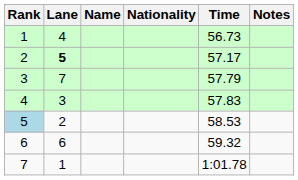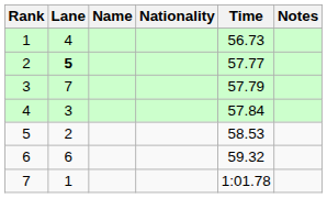 <table class="wikitable sortable" style="text-align:center">
 <tr>
 <th>Rank</th>
 <th>Lane</th>
 <th>Name</th>
 <th>Nationality</th>
 <th>Time</th>
 <th>Notes</th>
 </tr>
 <tr bgcolor=ccffcc>
 <td>1</td>
 <td>4</td>
 <td align=left></td>
 <td align=left></td>
 <td>56.73</td>
 <td><strong></strong></td>
 </tr>
 <tr bgcolor=ccffcc>
 <td>2</td>
 <td><strong>5</strong></td>
 <td align=left></td>
 <td align=left></td>
-<td>57.17</td>
+<td>57.77</td>
 <td><strong></strong></td>
 </tr>
 <tr bgcolor=ccffcc>
 <td>3</td>
 <td>7</td>
 <td align=left></td>
 <td align=left></td>
 <td>57.79</td>
 <td><strong></strong></td>
 </tr>
 <tr bgcolor=ccffcc>
 <td>4</td>
 <td>3</td>
 <td align=left></td>
 <td align=left></td>
-<td>57.83</td>
+<td>57.84</td>
 <td><strong></strong></td>
 </tr>
 <tr>
-<td style="background: lightblue;">5</td>
+<td>5</td>
 <td>2</td>
 <td align=left></td>
 <td align=left></td>
 <td>58.53</td>
 <td></td>
 </tr>
 <tr>
 <td>6</td>
 <td>6</td>
 <td align=left></td>
 <td align=left></td>
 <td>59.32</td>
 <td></td>
 </tr>
 <tr>
 <td>7</td>
 <td>1</td>
 <td align=left></td>
 <td align=left></td>
 <td>1:01.78</td>
 <td></td>
 </tr>
 </table>
